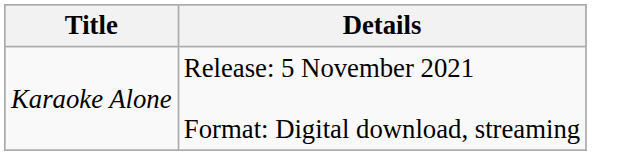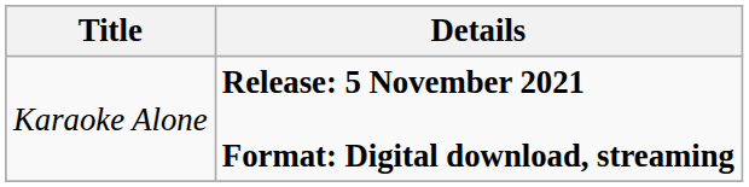 <table class="wikitable">
 <tr>
 <th>Title</th>
 <th>Details</th>
 </tr>
 <tr>
 <td><em>Karaoke Alone</em></td>
-<td>Release: 5 November 2021<br><br> Format: Digital download, streaming</td>
+<td><strong>Release: 5 November 2021<br><br> Format: Digital download, streaming</strong></td>
 </tr>
 </table>
